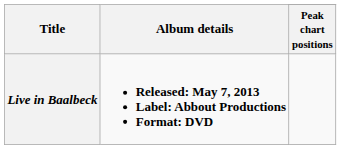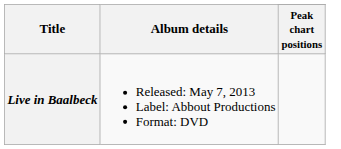 <table class="wikitable plainrowheaders">
 <tr>
 <th scope=col rowspan="2">Title</th>
 <th scope=col rowspan="2">Album details</th>
 </tr>
 <tr>
 <th width=35><small>Peak chart positions</small><br></th>
 </tr>
 <tr>
 <th scope=row align="left"><em>Live in Baalbeck</em></th>
-<td><strong><br><ul><li>Released: May 7, 2013</li><li>Label: Abbout Productions</li><li>Format: DVD</li></ul></strong></td>
+<td><br><ul><li>Released: May 7, 2013</li><li>Label: Abbout Productions</li><li>Format: DVD</li></ul></td>
 <td></td>
 </tr>
 </table>
